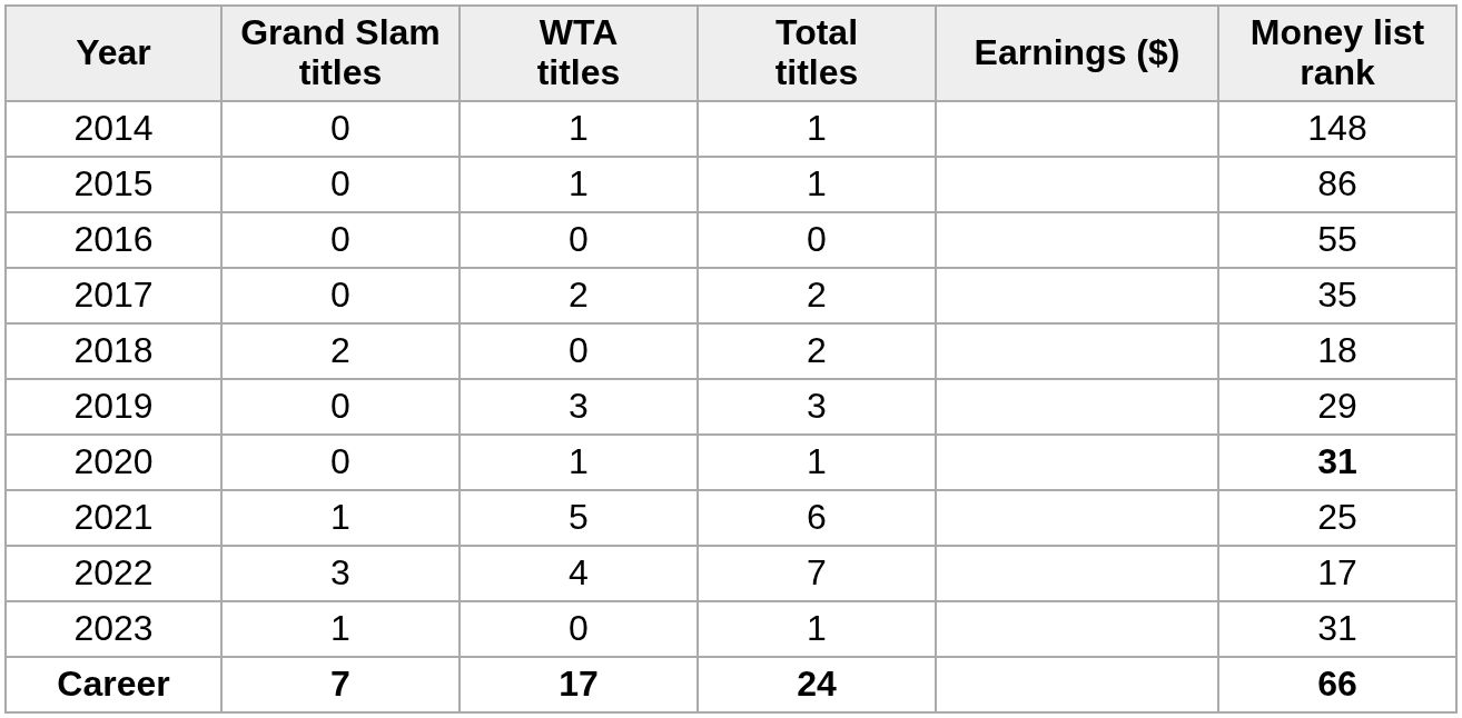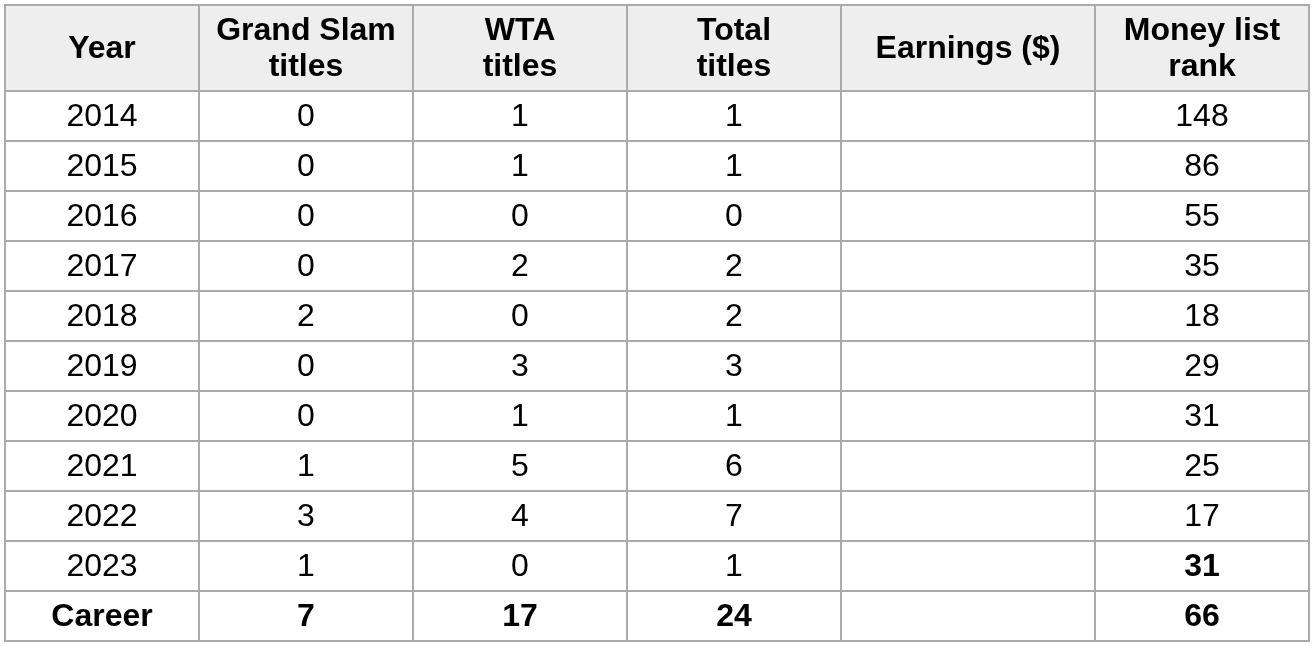 <table cellpadding=3 cellspacing=0 border=1 style=border:#aaa;solid:1px;border-collapse:collapse;text-align:center;>
 <tr style=background:#eee;font-weight:bold>
 <td width="90">Year</td>
 <td width="100">Grand Slam <br>titles</td>
 <td width="100">WTA <br>titles</td>
 <td width="100">Total <br>titles</td>
 <td width="120">Earnings ($)</td>
 <td width="100">Money list rank</td>
 </tr>
 <tr>
 <td>2014</td>
 <td>0</td>
 <td>1</td>
 <td>1</td>
 <td align="right"></td>
 <td>148</td>
 </tr>
 <tr>
 <td>2015</td>
 <td>0</td>
 <td>1</td>
 <td>1</td>
 <td align="right"></td>
 <td>86</td>
 </tr>
 <tr>
 <td>2016</td>
 <td>0</td>
 <td>0</td>
 <td>0</td>
 <td align="right"></td>
 <td>55</td>
 </tr>
 <tr>
 <td>2017</td>
 <td>0</td>
 <td>2</td>
 <td>2</td>
 <td align="right"></td>
 <td>35</td>
 </tr>
 <tr>
 <td>2018</td>
 <td>2</td>
 <td>0</td>
 <td>2</td>
 <td align="right"></td>
 <td>18</td>
 </tr>
 <tr>
 <td>2019</td>
 <td>0</td>
 <td>3</td>
 <td>3</td>
 <td align="right"></td>
 <td>29</td>
 </tr>
 <tr>
 <td>2020</td>
 <td>0</td>
 <td>1</td>
 <td>1</td>
 <td align="right"></td>
-<td><strong>31</strong></td>
+<td>31</td>
 </tr>
 <tr>
 <td>2021</td>
 <td>1</td>
 <td>5</td>
 <td>6</td>
 <td align="right"></td>
 <td>25</td>
 </tr>
 <tr>
 <td>2022</td>
 <td>3</td>
 <td>4</td>
 <td>7</td>
 <td align=right></td>
 <td>17</td>
 </tr>
 <tr>
 <td>2023</td>
 <td>1</td>
 <td>0</td>
 <td>1</td>
 <td align=right></td>
-<td>31</td>
+<td><strong>31</strong></td>
 </tr>
 <tr style="font-weight:bold;">
 <td>Career</td>
 <td>7</td>
 <td>17</td>
 <td>24</td>
 <td align="right"></td>
 <td>66</td>
 </tr>
 </table>
